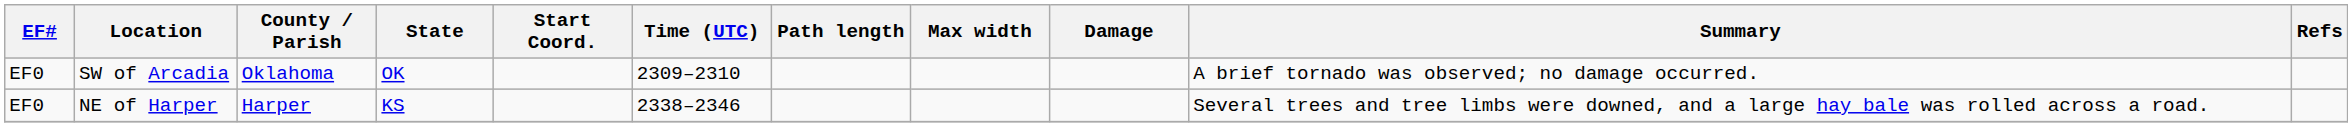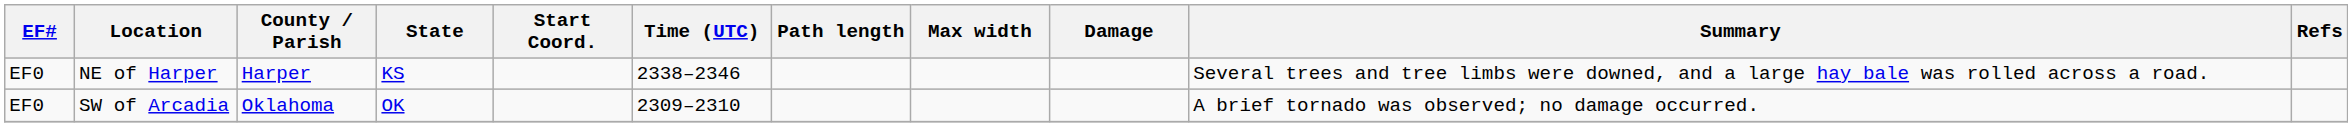 <table class="wikitable sortable" style="width:100%;">
 <tr>
 <th scope="col" width="3%" align="center"><a href='#'>EF#</a></th>
 <th scope="col" width="7%" align="center" class="unsortable">Location</th>
 <th scope="col" width="6%" align="center" class="unsortable">County / Parish</th>
 <th scope="col" width="5%" align="center">State</th>
 <th scope="col" width="6%" align="center">Start Coord.</th>
 <th scope="col" width="6%" align="center">Time (<a href='#'>UTC</a>)</th>
 <th scope="col" width="6%" align="center">Path length</th>
 <th scope="col" width="6%" align="center">Max width</th>
 <th scope="col" width="6%" align="center">Damage</th>
 <th scope="col" width="48%" class="unsortable" align="center">Summary</th>
 <th scope="col" width="48%" class="unsortable" align="center">Refs</th>
 </tr>
 <tr>
 <td>EF0</td>
+<td>NE of <a href='#'>Harper</a></td>
+<td><a href='#'>Harper</a></td>
+<td><a href='#'>KS</a></td>
+<td></td>
+<td>2338–2346</td>
+<td></td>
+<td></td>
+<td></td>
+<td>Several trees and tree limbs were downed, and a large <a href='#'>hay bale</a> was rolled across a road.</td>
+<td></td>
+</tr>
+<tr>
+<td>EF0</td>
 <td>SW of <a href='#'>Arcadia</a></td>
 <td><a href='#'>Oklahoma</a></td>
 <td><a href='#'>OK</a></td>
 <td></td>
 <td>2309–2310</td>
 <td></td>
 <td></td>
 <td></td>
 <td>A brief tornado was observed; no damage occurred.</td>
 <td></td>
 </tr>
 <tr>
-<td>EF0</td>
-<td>NE of <a href='#'>Harper</a></td>
-<td><a href='#'>Harper</a></td>
-<td><a href='#'>KS</a></td>
-<td></td>
-<td>2338–2346</td>
-<td></td>
-<td></td>
-<td></td>
-<td>Several trees and tree limbs were downed, and a large <a href='#'>hay bale</a> was rolled across a road.</td>
-<td></td>
-</tr>
-<tr>
 </tr>
 </table>
